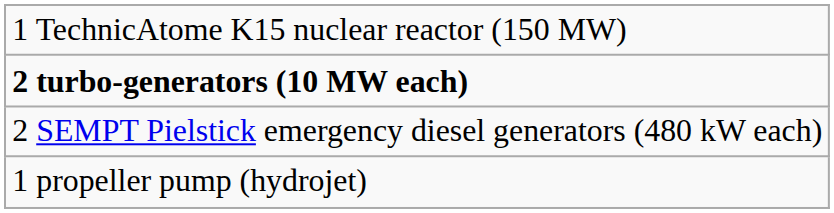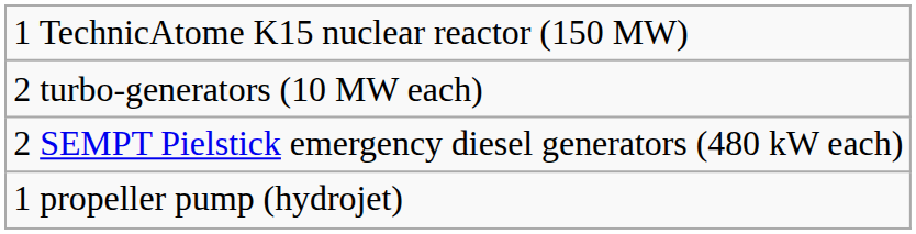 <table class="wikitable">
 <tr>
 <td>1 TechnicAtome K15 nuclear reactor (150 MW)</td>
 </tr>
 <tr>
-<td><strong>2 turbo-generators (10 MW each)</strong></td>
+<td>2 turbo-generators (10 MW each)</td>
 </tr>
 <tr>
 <td>2 <a href='#'>SEMPT Pielstick</a> emergency diesel generators (480 kW each)</td>
 </tr>
 <tr>
 <td>1 propeller pump (hydrojet)</td>
 </tr>
 </table>
